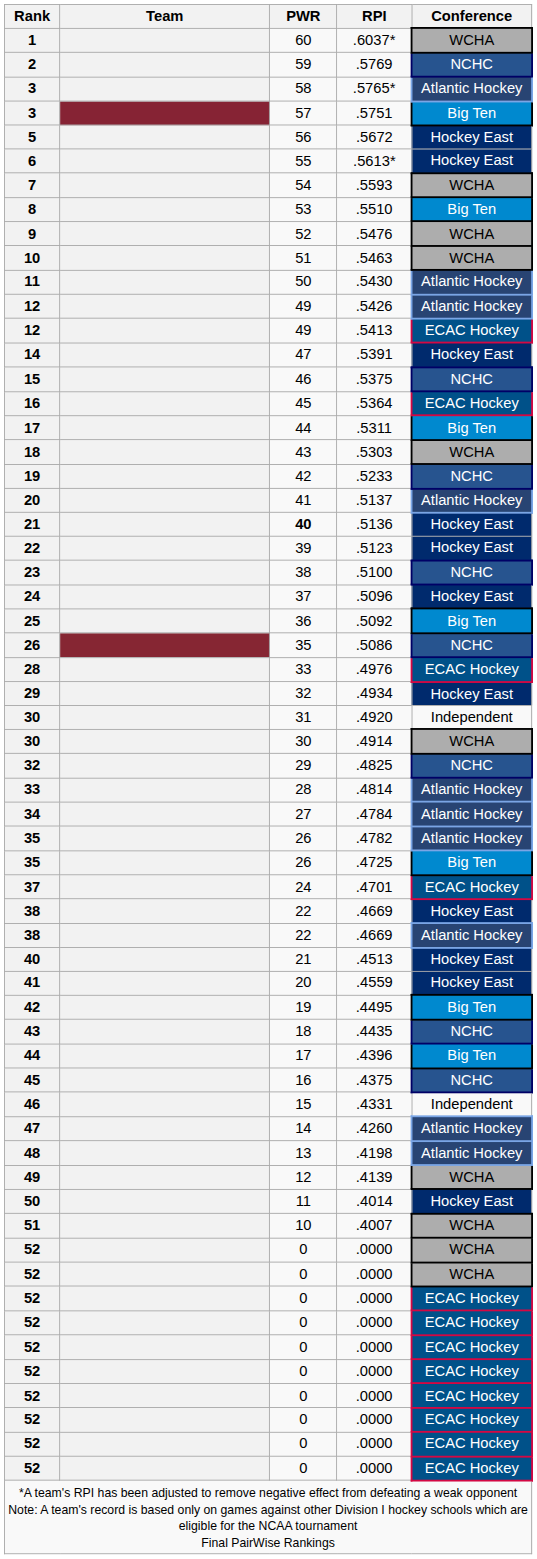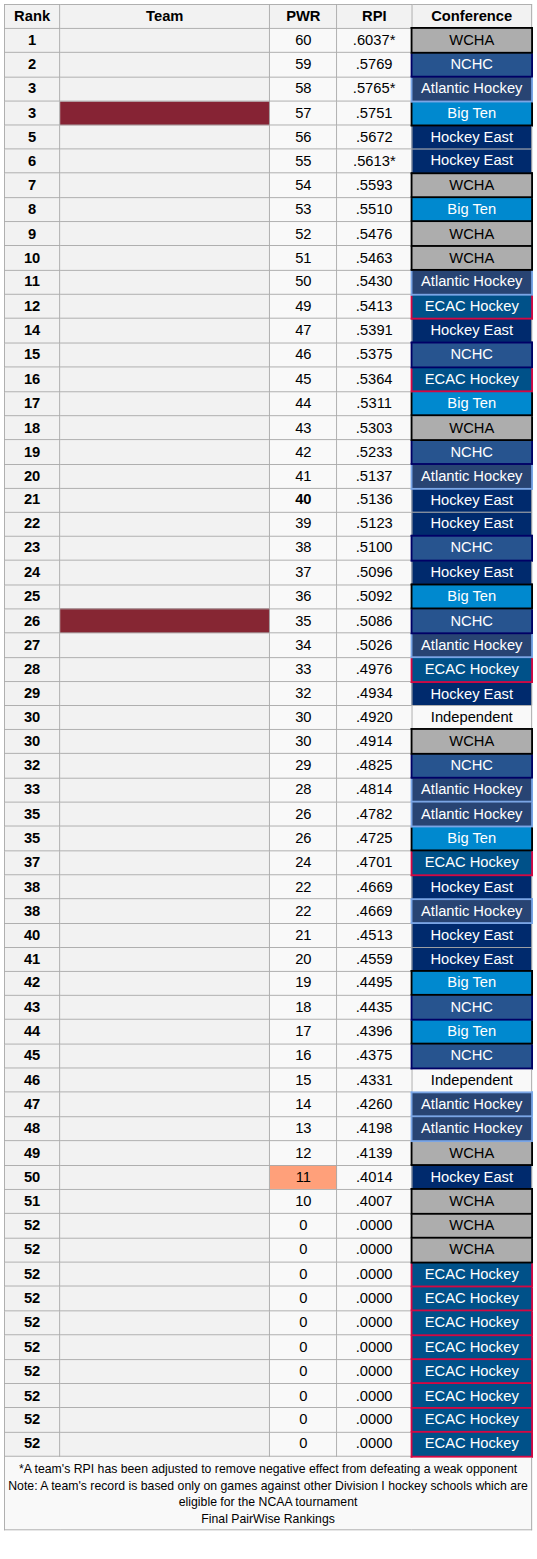 <table class="wikitable sortable" style="text-align: center;" width=65%>
 <tr>
 <th ! width="4%">Rank</th>
 <th ! width="25%">Team</th>
 <th ! width="8%">PWR</th>
 <th ! width="8%">RPI</th>
 <th ! width="10%">Conference</th>
 </tr>
 <tr>
 <th>1</th>
 <th align=center><strong><a href='#'></a></strong></th>
 <td>60</td>
 <td>.6037*</td>
 <td style="background:#ADADAD; color:#000000; border: 2px solid #000000">WCHA</td>
 </tr>
 <tr>
 <th>2</th>
 <th align=center><strong><a href='#'></a></strong></th>
 <td>59</td>
 <td>.5769</td>
 <td style="background:#27548F; color:#FFFFFF; border: 2px solid #000066">NCHC</td>
 </tr>
 <tr>
 <th>3</th>
 <th align=center><strong><a href='#'></a></strong></th>
 <td>58</td>
 <td>.5765*</td>
 <td style="background:#284473; color:#FFFFFF; border: 2px solid #7AA5E5">Atlantic Hockey</td>
 </tr>
 <tr>
 <th>3</th>
 <th align=center style="color:white; background:#862334; "><strong><a href='#'></a></strong></th>
 <td>57</td>
 <td>.5751</td>
 <td style="background:#0089CF; color:#FFFFFF; border: 2px solid #000000">Big Ten</td>
 </tr>
 <tr>
 <th>5</th>
 <th align=center><strong><a href='#'></a></strong></th>
 <td>56</td>
 <td>.5672</td>
 <td style="background:#002A6D; color:#FFFFFF">Hockey East</td>
 </tr>
 <tr>
 <th>6</th>
 <th align=center><strong><a href='#'></a></strong></th>
 <td>55</td>
 <td>.5613*</td>
 <td style="background:#002A6D; color:#FFFFFF">Hockey East</td>
 </tr>
 <tr>
 <th>7</th>
 <th align=center><strong><a href='#'></a></strong></th>
 <td>54</td>
 <td>.5593</td>
 <td style="background:#ADADAD; color:#000000; border: 2px solid #000000">WCHA</td>
 </tr>
 <tr>
 <th>8</th>
 <th align=center><strong><a href='#'></a></strong></th>
 <td>53</td>
 <td>.5510</td>
 <td style="background:#0089CF; color:#FFFFFF; border: 2px solid #000000">Big Ten</td>
 </tr>
 <tr>
 <th>9</th>
 <th align=center><strong><a href='#'></a></strong></th>
 <td>52</td>
 <td>.5476</td>
 <td style="background:#ADADAD; color:#000000; border: 2px solid #000000">WCHA</td>
 </tr>
 <tr>
 <th>10</th>
 <th align=center><strong><a href='#'></a></strong></th>
 <td>51</td>
 <td>.5463</td>
 <td style="background:#ADADAD; color:#000000; border: 2px solid #000000">WCHA</td>
 </tr>
 <tr>
 <th>11</th>
 <th align=center><strong><a href='#'></a></strong></th>
 <td>50</td>
 <td>.5430</td>
-<td style="background:#284473; color:#FFFFFF; border: 2px solid #7AA5E5">Atlantic Hockey</td>
-</tr>
-<tr>
-<th>12</th>
-<th align=center><strong><a href='#'></a></strong></th>
-<td>49</td>
-<td>.5426</td>
 <td style="background:#284473; color:#FFFFFF; border: 2px solid #7AA5E5">Atlantic Hockey</td>
 </tr>
 <tr>
 <th>12</th>
 <th align=center><strong><a href='#'></a></strong></th>
 <td>49</td>
 <td>.5413</td>
 <td style="background:#005189; color:#FFFFFF; border: 2px solid #D40843">ECAC Hockey</td>
 </tr>
 <tr>
 <th>14</th>
 <th align=center><strong><a href='#'></a></strong></th>
 <td>47</td>
 <td>.5391</td>
 <td style="background:#002A6D; color:#FFFFFF">Hockey East</td>
 </tr>
 <tr>
 <th>15</th>
 <th align=center><strong><a href='#'></a></strong></th>
 <td>46</td>
 <td>.5375</td>
 <td style="background:#27548F; color:#FFFFFF; border: 2px solid #000066">NCHC</td>
 </tr>
 <tr>
 <th>16</th>
 <th align=center><strong><a href='#'></a></strong></th>
 <td>45</td>
 <td>.5364</td>
 <td style="background:#005189; color:#FFFFFF; border: 2px solid #D40843">ECAC Hockey</td>
 </tr>
 <tr>
 <th>17</th>
 <th align=center><strong><a href='#'></a></strong></th>
 <td>44</td>
 <td>.5311</td>
 <td style="background:#0089CF; color:#FFFFFF; border: 2px solid #000000">Big Ten</td>
 </tr>
 <tr>
 <th>18</th>
 <th align=center><strong><a href='#'></a></strong></th>
 <td>43</td>
 <td>.5303</td>
 <td style="background:#ADADAD; color:#000000; border: 2px solid #000000">WCHA</td>
 </tr>
 <tr>
 <th>19</th>
 <th align=center><strong><a href='#'></a></strong></th>
 <td>42</td>
 <td>.5233</td>
 <td style="background:#27548F; color:#FFFFFF; border: 2px solid #000066">NCHC</td>
 </tr>
 <tr>
 <th>20</th>
 <th align=center><strong><a href='#'></a></strong></th>
 <td>41</td>
 <td>.5137</td>
 <td style="background:#284473; color:#FFFFFF; border: 2px solid #7AA5E5">Atlantic Hockey</td>
 </tr>
 <tr>
 <th>21</th>
 <th align=center><strong><a href='#'></a></strong></th>
 <td><strong>40</strong></td>
 <td>.5136</td>
 <td style="background:#002A6D; color:#FFFFFF">Hockey East</td>
 </tr>
 <tr>
 <th>22</th>
 <th align=center><strong><a href='#'></a></strong></th>
 <td>39</td>
 <td>.5123</td>
 <td style="background:#002A6D; color:#FFFFFF">Hockey East</td>
 </tr>
 <tr>
 <th>23</th>
 <th align=center><strong><a href='#'></a></strong></th>
 <td>38</td>
 <td>.5100</td>
 <td style="background:#27548F; color:#FFFFFF; border: 2px solid #000066">NCHC</td>
 </tr>
 <tr>
 <th>24</th>
 <th align=center><strong><a href='#'></a></strong></th>
 <td>37</td>
 <td>.5096</td>
 <td style="background:#002A6D; color:#FFFFFF">Hockey East</td>
 </tr>
 <tr>
 <th>25</th>
 <th align=center><strong><a href='#'></a></strong></th>
 <td>36</td>
 <td>.5092</td>
 <td style="background:#0089CF; color:#FFFFFF; border: 2px solid #000000">Big Ten</td>
 </tr>
 <tr>
 <th>26</th>
 <th align=center style="color:white; background:#862633; "><strong><a href='#'></a></strong></th>
 <td>35</td>
 <td>.5086</td>
 <td style="background:#27548F; color:#FFFFFF; border: 2px solid #000066">NCHC</td>
 </tr>
 <tr>
+<th>27</th>
+<th align=center><strong><a href='#'></a></strong></th>
+<td>34</td>
+<td>.5026</td>
+<td style="background:#284473; color:#FFFFFF; border: 2px solid #7AA5E5">Atlantic Hockey</td>
+</tr>
+<tr>
 <th>28</th>
 <th align=center><strong><a href='#'></a></strong></th>
 <td>33</td>
 <td>.4976</td>
 <td style="background:#005189; color:#FFFFFF; border: 2px solid #D40843">ECAC Hockey</td>
 </tr>
 <tr>
 <th>29</th>
 <th align=center><strong><a href='#'></a></strong></th>
 <td>32</td>
 <td>.4934</td>
 <td style="background:#002A6D; color:#FFFFFF">Hockey East</td>
 </tr>
 <tr>
 <th>30</th>
 <th align=center><strong><a href='#'></a></strong></th>
-<td>31</td>
+<td>30</td>
 <td>.4920</td>
 <td>Independent</td>
 </tr>
 <tr>
 <th>30</th>
 <th align=center><strong><a href='#'></a></strong></th>
 <td>30</td>
 <td>.4914</td>
 <td style="background:#ADADAD; color:#000000; border: 2px solid #000000">WCHA</td>
 </tr>
 <tr>
 <th>32</th>
 <th align=center><strong><a href='#'></a></strong></th>
 <td>29</td>
 <td>.4825</td>
 <td style="background:#27548F; color:#FFFFFF; border: 2px solid #000066">NCHC</td>
 </tr>
 <tr>
 <th>33</th>
 <th align=center><strong><a href='#'></a></strong></th>
 <td>28</td>
 <td>.4814</td>
-<td style="background:#284473; color:#FFFFFF; border: 2px solid #7AA5E5">Atlantic Hockey</td>
-</tr>
-<tr>
-<th>34</th>
-<th align=center><strong><a href='#'></a></strong></th>
-<td>27</td>
-<td>.4784</td>
 <td style="background:#284473; color:#FFFFFF; border: 2px solid #7AA5E5">Atlantic Hockey</td>
 </tr>
 <tr>
 <th>35</th>
 <th align=center><strong><a href='#'></a></strong></th>
 <td>26</td>
 <td>.4782</td>
 <td style="background:#284473; color:#FFFFFF; border: 2px solid #7AA5E5">Atlantic Hockey</td>
 </tr>
 <tr>
 <th>35</th>
 <th align=center><strong><a href='#'></a></strong></th>
 <td>26</td>
 <td>.4725</td>
 <td style="background:#0089CF; color:#FFFFFF; border: 2px solid #000000">Big Ten</td>
 </tr>
 <tr>
 <th>37</th>
 <th align=center><strong><a href='#'></a></strong></th>
 <td>24</td>
 <td>.4701</td>
 <td style="background:#005189; color:#FFFFFF; border: 2px solid #D40843">ECAC Hockey</td>
 </tr>
 <tr>
 <th>38</th>
 <th align=center><strong><a href='#'></a></strong></th>
 <td>22</td>
 <td>.4669</td>
 <td style="background:#002A6D; color:#FFFFFF">Hockey East</td>
 </tr>
 <tr>
 <th>38</th>
 <th align=center><strong><a href='#'></a></strong></th>
 <td>22</td>
 <td>.4669</td>
 <td style="background:#284473; color:#FFFFFF; border: 2px solid #7AA5E5">Atlantic Hockey</td>
 </tr>
 <tr>
 <th>40</th>
 <th align=center><strong><a href='#'></a></strong></th>
 <td>21</td>
 <td>.4513</td>
 <td style="background:#002A6D; color:#FFFFFF">Hockey East</td>
 </tr>
 <tr>
 <th>41</th>
 <th align=center><strong><a href='#'></a></strong></th>
 <td>20</td>
 <td>.4559</td>
 <td style="background:#002A6D; color:#FFFFFF">Hockey East</td>
 </tr>
 <tr>
 <th>42</th>
 <th align=center><strong><a href='#'></a></strong></th>
 <td>19</td>
 <td>.4495</td>
 <td style="background:#0089CF; color:#FFFFFF; border: 2px solid #000000">Big Ten</td>
 </tr>
 <tr>
 <th>43</th>
 <th align=center><strong><a href='#'></a></strong></th>
 <td>18</td>
 <td>.4435</td>
 <td style="background:#27548F; color:#FFFFFF; border: 2px solid #000066">NCHC</td>
 </tr>
 <tr>
 <th>44</th>
 <th align=center><strong><a href='#'></a></strong></th>
 <td>17</td>
 <td>.4396</td>
 <td style="background:#0089CF; color:#FFFFFF; border: 2px solid #000000">Big Ten</td>
 </tr>
 <tr>
 <th>45</th>
 <th align=center><strong><a href='#'></a></strong></th>
 <td>16</td>
 <td>.4375</td>
 <td style="background:#27548F; color:#FFFFFF; border: 2px solid #000066">NCHC</td>
 </tr>
 <tr>
 <th>46</th>
 <th align=center><strong><a href='#'></a></strong></th>
 <td>15</td>
 <td>.4331</td>
 <td>Independent</td>
 </tr>
 <tr>
 <th>47</th>
 <th align=center><strong><a href='#'></a></strong></th>
 <td>14</td>
 <td>.4260</td>
 <td style="background:#284473; color:#FFFFFF; border: 2px solid #7AA5E5">Atlantic Hockey</td>
 </tr>
 <tr>
 <th>48</th>
 <th align=center><strong><a href='#'></a></strong></th>
 <td>13</td>
 <td>.4198</td>
 <td style="background:#284473; color:#FFFFFF; border: 2px solid #7AA5E5">Atlantic Hockey</td>
 </tr>
 <tr>
 <th>49</th>
 <th align=center><strong><a href='#'></a></strong></th>
 <td>12</td>
 <td>.4139</td>
 <td style="background:#ADADAD; color:#000000; border: 2px solid #000000">WCHA</td>
 </tr>
 <tr>
 <th>50</th>
 <th align=center><strong><a href='#'></a></strong></th>
-<td>11</td>
+<td style="background: lightsalmon;">11</td>
 <td>.4014</td>
 <td style="background:#002A6D; color:#FFFFFF">Hockey East</td>
 </tr>
 <tr>
 <th>51</th>
 <th align=center><strong><a href='#'></a></strong></th>
 <td>10</td>
 <td>.4007</td>
 <td style="background:#ADADAD; color:#000000; border: 2px solid #000000">WCHA</td>
 </tr>
 <tr>
 <th>52</th>
 <th align=center><strong><a href='#'></a></strong></th>
 <td>0</td>
 <td>.0000</td>
 <td style="background:#ADADAD; color:#000000; border: 2px solid #000000">WCHA</td>
 </tr>
 <tr>
 <th>52</th>
 <th align=center><strong><a href='#'></a></strong></th>
 <td>0</td>
 <td>.0000</td>
 <td style="background:#ADADAD; color:#000000; border: 2px solid #000000">WCHA</td>
 </tr>
 <tr>
 <th>52</th>
 <th align=center><strong><a href='#'></a></strong></th>
 <td>0</td>
 <td>.0000</td>
 <td style="background:#005189; color:#FFFFFF; border: 2px solid #D40843">ECAC Hockey</td>
 </tr>
 <tr>
 <th>52</th>
 <th align=center><strong><a href='#'></a></strong></th>
 <td>0</td>
 <td>.0000</td>
 <td style="background:#005189; color:#FFFFFF; border: 2px solid #D40843">ECAC Hockey</td>
 </tr>
 <tr>
 <th>52</th>
 <th align=center><strong><a href='#'></a></strong></th>
 <td>0</td>
 <td>.0000</td>
 <td style="background:#005189; color:#FFFFFF; border: 2px solid #D40843">ECAC Hockey</td>
 </tr>
 <tr>
 <th>52</th>
 <th align=center><strong><a href='#'></a></strong></th>
 <td>0</td>
 <td>.0000</td>
 <td style="background:#005189; color:#FFFFFF; border: 2px solid #D40843">ECAC Hockey</td>
 </tr>
 <tr>
 <th>52</th>
 <th align=center><strong><a href='#'></a></strong></th>
 <td>0</td>
 <td>.0000</td>
 <td style="background:#005189; color:#FFFFFF; border: 2px solid #D40843">ECAC Hockey</td>
 </tr>
 <tr>
 <th>52</th>
 <th align=center><strong><a href='#'></a></strong></th>
 <td>0</td>
 <td>.0000</td>
 <td style="background:#005189; color:#FFFFFF; border: 2px solid #D40843">ECAC Hockey</td>
 </tr>
 <tr>
 <th>52</th>
 <th align=center><strong><a href='#'></a></strong></th>
 <td>0</td>
 <td>.0000</td>
 <td style="background:#005189; color:#FFFFFF; border: 2px solid #D40843">ECAC Hockey</td>
 </tr>
 <tr>
 <th>52</th>
 <th align=center><strong><a href='#'></a></strong></th>
 <td>0</td>
 <td>.0000</td>
 <td style="background:#005189; color:#FFFFFF; border: 2px solid #D40843">ECAC Hockey</td>
 </tr>
 <tr class="sortbottom">
 <td colspan=5 style="text-align:center;"><small> *A team's RPI has been adjusted to remove negative effect from defeating a weak opponent <br> Note: A team's record is based only on games against other Division I hockey schools which are eligible for the NCAA tournament<br> Final PairWise Rankings</small></td>
 </tr>
 </table>
